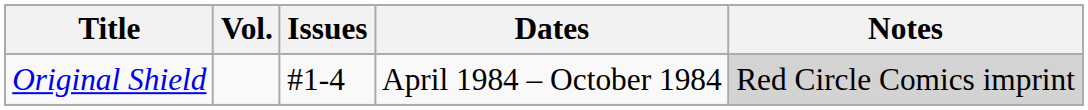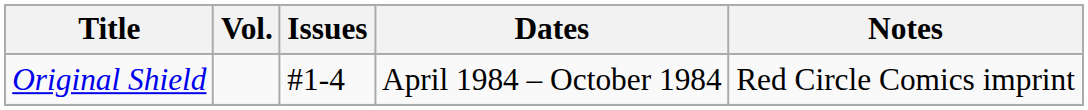 <table class="wikitable">
 <tr>
 <th>Title</th>
 <th>Vol.</th>
 <th>Issues</th>
 <th>Dates</th>
 <th>Notes</th>
 </tr>
 <tr>
 <td><em><a href='#'>Original Shield</a></em></td>
 <td></td>
 <td>#1-4</td>
 <td>April 1984 – October 1984</td>
-<td style="background: lightgrey;">Red Circle Comics imprint</td>
+<td>Red Circle Comics imprint</td>
 </tr>
 <tr>
 </tr>
 </table>
